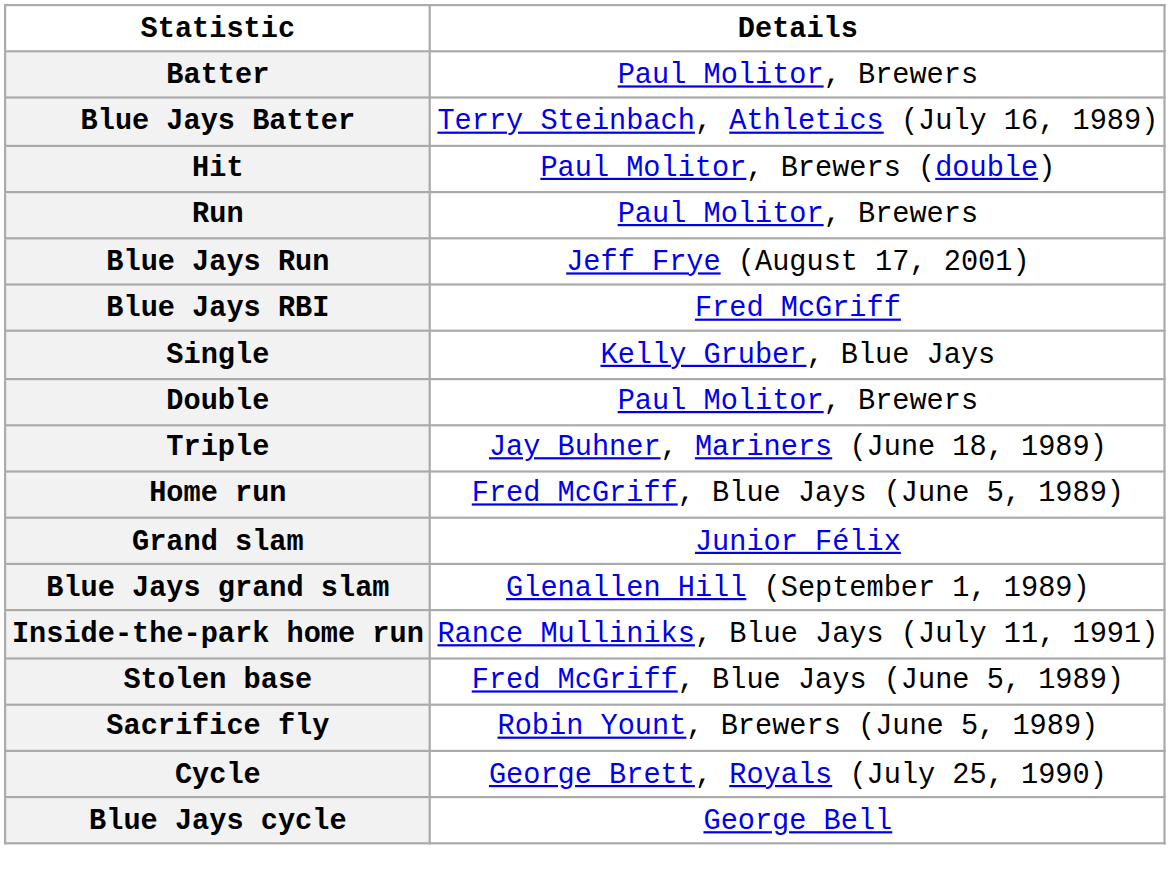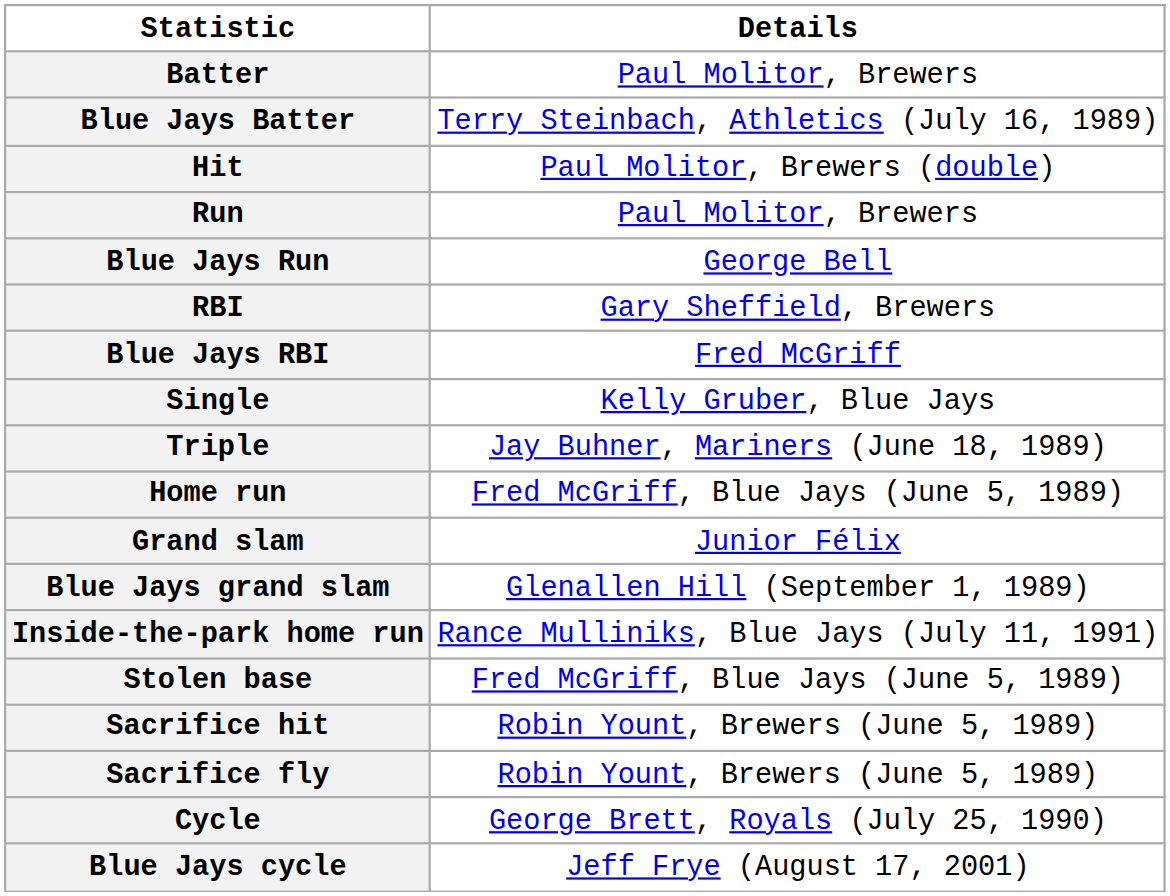 <table class="wikitable" align=center style="margin-left:15px; text-align:center; background:#ffffff;">
 <tr>
 <td><strong>Statistic</strong></td>
 <td><strong>Details</strong></td>
 </tr>
 <tr>
 <th>Batter</th>
 <td><a href='#'>Paul Molitor</a>, Brewers</td>
 </tr>
 <tr>
 <th>Blue Jays Batter</th>
 <td><a href='#'>Terry Steinbach</a>, <a href='#'>Athletics</a> (July 16, 1989)</td>
 </tr>
 <tr>
 <th>Hit</th>
 <td><a href='#'>Paul Molitor</a>, Brewers (<a href='#'>double</a>)</td>
 </tr>
 <tr>
 <th>Run</th>
 <td><a href='#'>Paul Molitor</a>, Brewers</td>
 </tr>
 <tr>
 <th>Blue Jays Run</th>
-<td><a href='#'>Jeff Frye</a> (August 17, 2001)</td>
+<td><a href='#'>George Bell</a></td>
+</tr>
+<tr>
+<th>RBI</th>
+<td><a href='#'>Gary Sheffield</a>, Brewers</td>
 </tr>
 <tr>
 <th>Blue Jays RBI</th>
 <td><a href='#'>Fred McGriff</a></td>
 </tr>
 <tr>
 <th>Single</th>
 <td><a href='#'>Kelly Gruber</a>, Blue Jays</td>
-</tr>
-<tr>
-<th>Double</th>
-<td><a href='#'>Paul Molitor</a>, Brewers</td>
 </tr>
 <tr>
 <th>Triple</th>
 <td><a href='#'>Jay Buhner</a>, <a href='#'>Mariners</a> (June 18, 1989)</td>
 </tr>
 <tr>
 <th>Home run</th>
 <td><a href='#'>Fred McGriff</a>, Blue Jays (June 5, 1989)</td>
 </tr>
 <tr>
 <th>Grand slam</th>
 <td><a href='#'>Junior Félix</a></td>
 </tr>
 <tr>
 <th>Blue Jays grand slam</th>
 <td><a href='#'>Glenallen Hill</a> (September 1, 1989)</td>
 </tr>
 <tr>
 <th>Inside-the-park home run</th>
 <td><a href='#'>Rance Mulliniks</a>, Blue Jays (July 11, 1991)</td>
 </tr>
 <tr>
 <th>Stolen base</th>
 <td><a href='#'>Fred McGriff</a>, Blue Jays (June 5, 1989)</td>
 </tr>
 <tr>
+<th>Sacrifice hit</th>
+<td><a href='#'>Robin Yount</a>, Brewers (June 5, 1989)</td>
+</tr>
+<tr>
 <th>Sacrifice fly</th>
 <td><a href='#'>Robin Yount</a>, Brewers (June 5, 1989)</td>
 </tr>
 <tr>
 <th>Cycle</th>
 <td><a href='#'>George Brett</a>, <a href='#'>Royals</a> (July 25, 1990)</td>
 </tr>
 <tr>
 <th>Blue Jays cycle</th>
-<td><a href='#'>George Bell</a></td>
+<td><a href='#'>Jeff Frye</a> (August 17, 2001)</td>
 </tr>
 </table>
